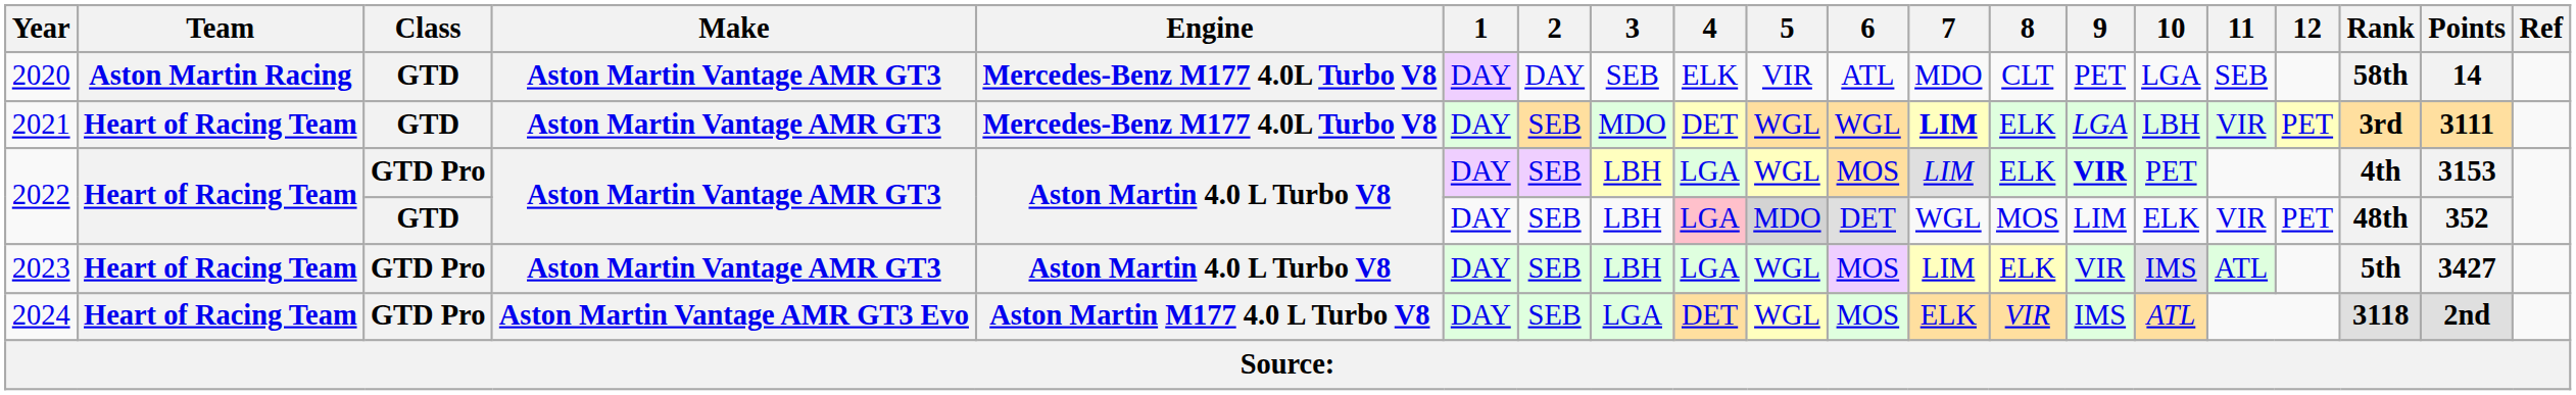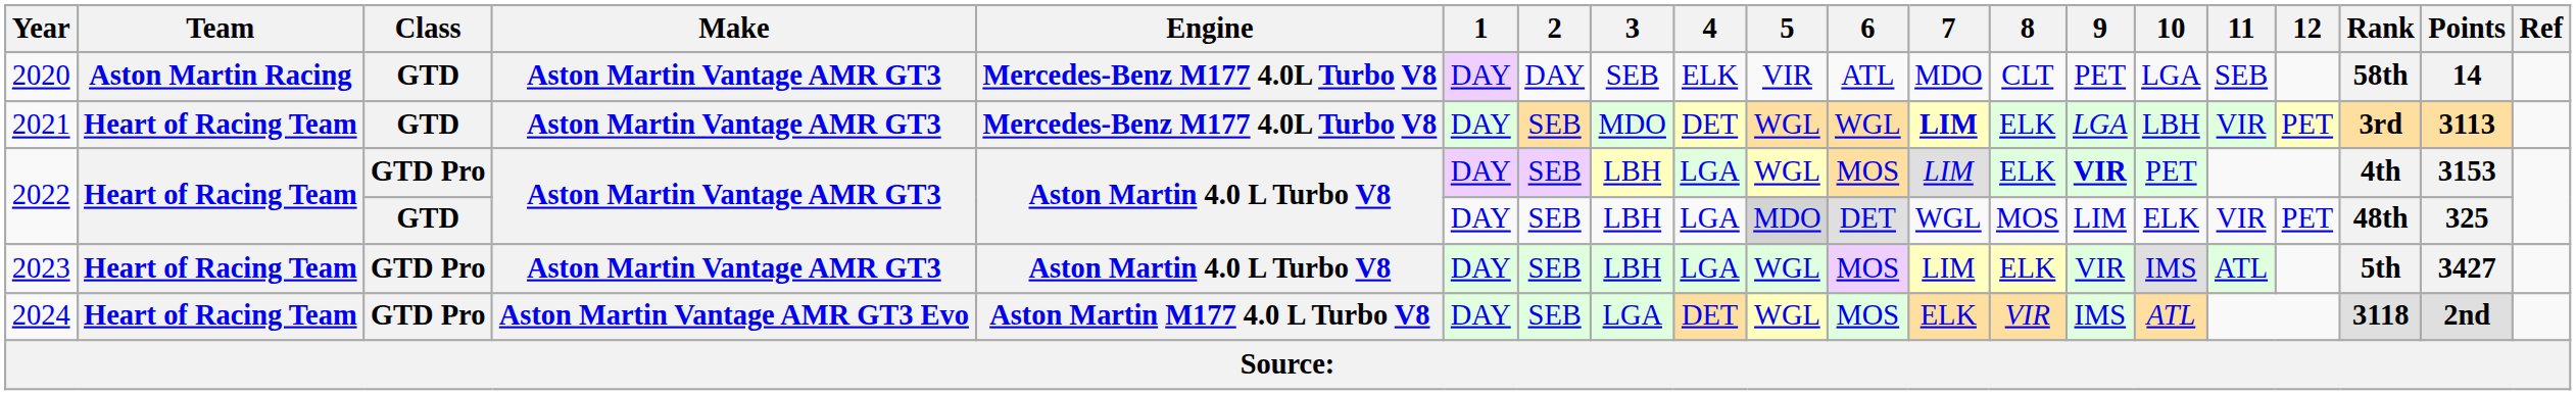 <table class="wikitable" style="text-align:center; font-size:85%">
 <tr>
 <th>Year</th>
 <th>Team</th>
 <th>Class</th>
 <th>Make</th>
 <th>Engine</th>
 <th>1</th>
 <th>2</th>
 <th>3</th>
 <th>4</th>
 <th>5</th>
 <th>6</th>
 <th>7</th>
 <th>8</th>
 <th>9</th>
 <th>10</th>
 <th>11</th>
 <th>12</th>
 <th>Rank</th>
 <th>Points</th>
 <th>Ref</th>
 </tr>
 <tr>
 <td><a href='#'>2020</a></td>
 <th nowrap><a href='#'>Aston Martin Racing</a></th>
 <th>GTD</th>
 <th nowrap><a href='#'>Aston Martin Vantage AMR GT3</a></th>
 <th nowrap><a href='#'>Mercedes-Benz M177</a> 4.0L <a href='#'>Turbo</a> <a href='#'>V8</a></th>
 <td style="background:#EFCFFF;"><a href='#'>DAY</a><br></td>
 <td style="background:#;"><a href='#'>DAY</a><br></td>
 <td style="background:#;"><a href='#'>SEB</a><br></td>
 <td style="background:#;"><a href='#'>ELK</a><br></td>
 <td style="background:#;"><a href='#'>VIR</a><br></td>
 <td style="background:#;"><a href='#'>ATL</a><br></td>
 <td style="background:#;"><a href='#'>MDO</a><br></td>
 <td style="background:#;"><a href='#'>CLT</a><br></td>
 <td style="background:#;"><a href='#'>PET</a><br></td>
 <td style="background:#;"><a href='#'>LGA</a><br></td>
 <td style="background:#;"><a href='#'>SEB</a><br></td>
 <td></td>
 <th>58th</th>
 <th>14</th>
 <td></td>
 </tr>
 <tr>
 <td><a href='#'>2021</a></td>
 <th nowrap><a href='#'>Heart of Racing Team</a></th>
 <th>GTD</th>
 <th nowrap><a href='#'>Aston Martin Vantage AMR GT3</a></th>
 <th nowrap><a href='#'>Mercedes-Benz M177</a> 4.0L <a href='#'>Turbo</a> <a href='#'>V8</a></th>
 <td style="background:#DFFFDF;"><a href='#'>DAY</a><br></td>
 <td style="background:#FFDF9F;"><a href='#'>SEB</a><br></td>
 <td style="background:#DFFFDF;"><a href='#'>MDO</a><br></td>
 <td style="background:#FFFFBF;"><a href='#'>DET</a><br></td>
 <td style="background:#FFDF9F;"><a href='#'>WGL</a><br></td>
 <td style="background:#FFDF9F;"><a href='#'>WGL</a><br></td>
 <td style="background:#FFFFBF;"><strong><a href='#'>LIM</a></strong><br></td>
 <td style="background:#DFFFDF;"><a href='#'>ELK</a><br></td>
 <td style="background:#DFFFDF;"><em><a href='#'>LGA</a></em><br></td>
 <td style="background:#DFFFDF;"><a href='#'>LBH</a><br></td>
 <td style="background:#DFFFDF;"><a href='#'>VIR</a><br></td>
 <td style="background:#FFFFBF;"><a href='#'>PET</a><br></td>
 <th style="background:#FFDF9F;">3rd</th>
-<th style="background:#FFDF9F;">3111</th>
+<th style="background:#FFDF9F;">3113</th>
 <td></td>
 </tr>
 <tr>
 <td rowspan=2><a href='#'>2022</a></td>
 <th rowspan=2 nowrap><a href='#'>Heart of Racing Team</a></th>
 <th nowrap>GTD Pro</th>
 <th rowspan=2 nowrap><a href='#'>Aston Martin Vantage AMR GT3</a></th>
 <th rowspan=2 nowrap><a href='#'>Aston Martin</a> 4.0 L Turbo <a href='#'>V8</a></th>
 <td style="background:#EFCFFF;"><a href='#'>DAY</a><br></td>
 <td style="background:#EFCFFF;"><a href='#'>SEB</a><br></td>
 <td style="background:#FFFFBF;"><a href='#'>LBH</a><br></td>
 <td style="background:#DFFFDF;"><a href='#'>LGA</a><br></td>
 <td style="background:#FFFFBF;"><a href='#'>WGL</a><br></td>
 <td style="background:#FFDF9F;"><a href='#'>MOS</a><br></td>
 <td style="background:#dfdfdf;"><em><a href='#'>LIM</a><br></em></td>
 <td style="background:#dfffdf;"><a href='#'>ELK</a><br></td>
 <td style="background:#dfffdf;"><strong><a href='#'>VIR</a><br></strong></td>
 <td style="background:#dfffdf;"><a href='#'>PET</a><br></td>
 <td colspan=2></td>
 <th>4th</th>
 <th>3153</th>
 <td rowspan="2"></td>
 </tr>
 <tr>
 <th>GTD</th>
 <td><a href='#'>DAY</a></td>
 <td><a href='#'>SEB</a></td>
 <td><a href='#'>LBH</a></td>
-<td style="background: pink;"><a href='#'>LGA</a></td>
+<td><a href='#'>LGA</a></td>
 <td style="background: lightgrey;"><a href='#'>MDO</a></td>
 <td style="background:#DFDFDF;"><a href='#'>DET</a><br></td>
 <td><a href='#'>WGL</a></td>
 <td style="background:"><a href='#'>MOS</a><br></td>
 <td style="background:"><a href='#'>LIM</a><br></td>
 <td style="background:"><a href='#'>ELK</a><br></td>
 <td style="background:"><a href='#'>VIR</a><br></td>
 <td style="background:"><a href='#'>PET</a><br></td>
 <th>48th</th>
-<th>352</th>
+<th>325</th>
 </tr>
 <tr>
 <td><a href='#'>2023</a></td>
 <th nowrap><a href='#'>Heart of Racing Team</a></th>
 <th nowrap>GTD Pro</th>
 <th nowrap><a href='#'>Aston Martin Vantage AMR GT3</a></th>
 <th nowrap><a href='#'>Aston Martin</a> 4.0 L Turbo <a href='#'>V8</a></th>
 <td style="background:#DFFFDF;"><a href='#'>DAY</a><br></td>
 <td style="background:#DFFFDF;"><a href='#'>SEB</a><br></td>
 <td style="background:#DFFFDF;"><a href='#'>LBH</a><br></td>
 <td style="background:#DFFFDF;"><a href='#'>LGA</a><br></td>
 <td style="background:#DFFFDF;"><a href='#'>WGL</a><br></td>
 <td style="background:#EFCFFF;"><a href='#'>MOS</a><br></td>
 <td style="background:#FFFFBF;”"><a href='#'>LIM</a><br></td>
 <td style="background:#FFFFBF;”"><a href='#'>ELK</a><br></td>
 <td style="background:#dfffdf;"><a href='#'>VIR</a><br></td>
 <td style="background:#DFDFDF;"><a href='#'>IMS</a><br></td>
 <td style="background:#dfffdf;"><a href='#'>ATL</a><br></td>
 <td></td>
 <th>5th</th>
 <th>3427</th>
 <td></td>
 </tr>
 <tr>
 <td><a href='#'>2024</a></td>
 <th nowrap><a href='#'>Heart of Racing Team</a></th>
 <th nowrap>GTD Pro</th>
 <th nowrap><a href='#'>Aston Martin Vantage AMR GT3 Evo</a></th>
 <th nowrap><a href='#'>Aston Martin</a> <a href='#'>M177</a> 4.0 L Turbo <a href='#'>V8</a></th>
 <td style="background:#DFFFDF;"><a href='#'>DAY</a><br></td>
 <td style="background:#dfffdf;"><a href='#'>SEB</a><br></td>
 <td style="background:#dfffdf;"><a href='#'>LGA</a><br></td>
 <td style="background:#ffdf9f;"><a href='#'>DET</a><br></td>
 <td style="background:#FFFFBF;”"><a href='#'>WGL</a><br></td>
 <td style="background:#dfffdf;"><a href='#'>MOS</a><br></td>
 <td style="background:#ffdf9f;"><a href='#'>ELK</a><br></td>
 <td style="background:#ffdf9f;"><em><a href='#'>VIR</a></em><br></td>
 <td style="background:#dfffdf;"><a href='#'>IMS</a><br></td>
 <td style="background:#ffdf9f;"><em><a href='#'>ATL</a></em><br></td>
 <td colspan=2></td>
 <th style="background:#DFDFDF;">3118</th>
 <th style="background:#DFDFDF;">2nd</th>
 <td></td>
 </tr>
 <tr>
 <th colspan="20">Source:</th>
 </tr>
 </table>
